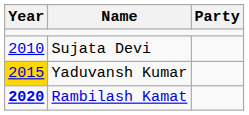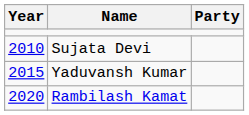 <table class="wikitable sortable">
 <tr>
 <th>Year</th>
 <th>Name</th>
 <th colspan="2">Party</th>
 </tr>
 <tr>
 <td colspan="4"></td>
 </tr>
 <tr>
 <td><a href='#'>2010</a></td>
 <td>Sujata Devi</td>
 <td></td>
 </tr>
 <tr>
-<td style="background: gold;"><a href='#'>2015</a></td>
+<td><a href='#'>2015</a></td>
 <td>Yaduvansh Kumar</td>
 <td></td>
 </tr>
 <tr>
-<td><strong><a href='#'>2020</a></strong></td>
+<td><a href='#'>2020</a></td>
 <td><a href='#'>Rambilash Kamat</a></td>
 <td></td>
 </tr>
 </table>
